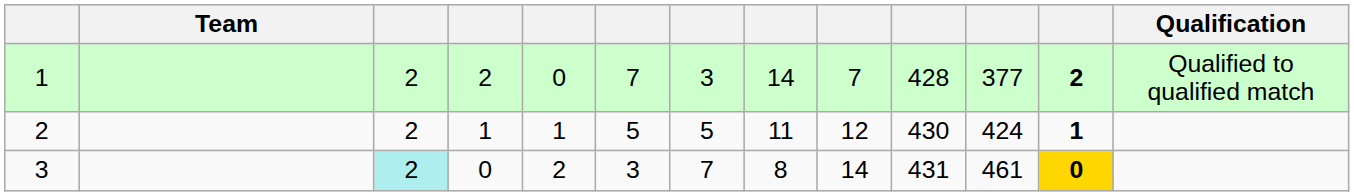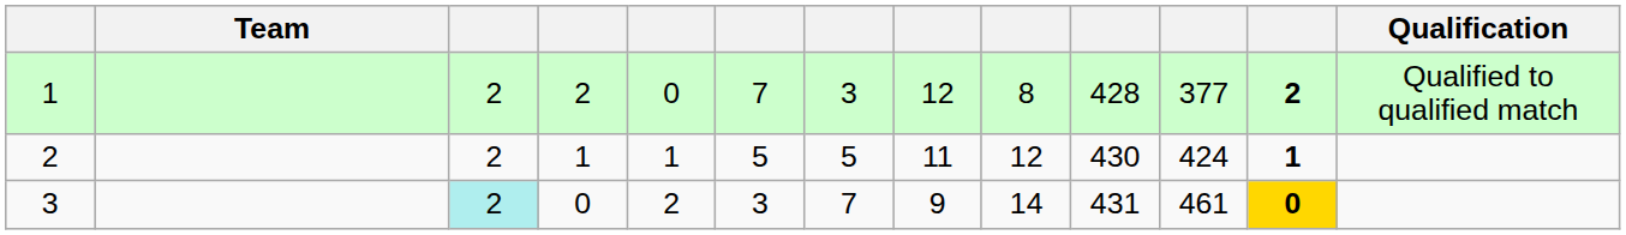 <table class="wikitable" style="text-align:center">
 <tr>
 <th width=5.5%></th>
 <th width=22%>Team</th>
 <th width=5.5%></th>
 <th width=5.5%></th>
 <th width=5.5%></th>
 <th width=5.5%></th>
 <th width=5.5%></th>
 <th width=5.5%></th>
 <th width=5.5%></th>
 <th width=5.5%></th>
 <th width=5.5%></th>
 <th width=5.5%></th>
 <th width=18%>Qualification</th>
 </tr>
 <tr bgcolor="#ccffcc">
 <td>1</td>
 <td align="left"></td>
 <td>2</td>
 <td>2</td>
 <td>0</td>
 <td>7</td>
 <td>3</td>
-<td>14</td>
-<td>7</td>
+<td>12</td>
+<td>8</td>
 <td>428</td>
 <td>377</td>
 <td><strong>2</strong></td>
 <td>Qualified to qualified match</td>
 </tr>
 <tr>
 <td>2</td>
 <td align="left"></td>
 <td>2</td>
 <td>1</td>
 <td>1</td>
 <td>5</td>
 <td>5</td>
 <td>11</td>
 <td>12</td>
 <td>430</td>
 <td>424</td>
 <td><strong>1</strong></td>
 <td></td>
 </tr>
 <tr>
 <td>3</td>
 <td align="left"></td>
 <td style="background: paleturquoise;">2</td>
 <td>0</td>
 <td>2</td>
 <td>3</td>
 <td>7</td>
-<td>8</td>
+<td>9</td>
 <td>14</td>
 <td>431</td>
 <td>461</td>
 <td style="background: gold;"><strong>0</strong></td>
 <td></td>
 </tr>
 </table>
